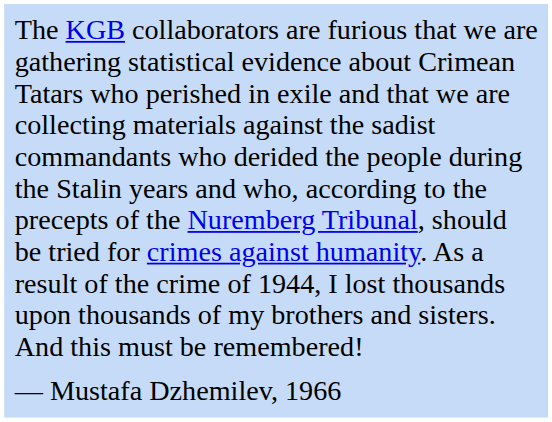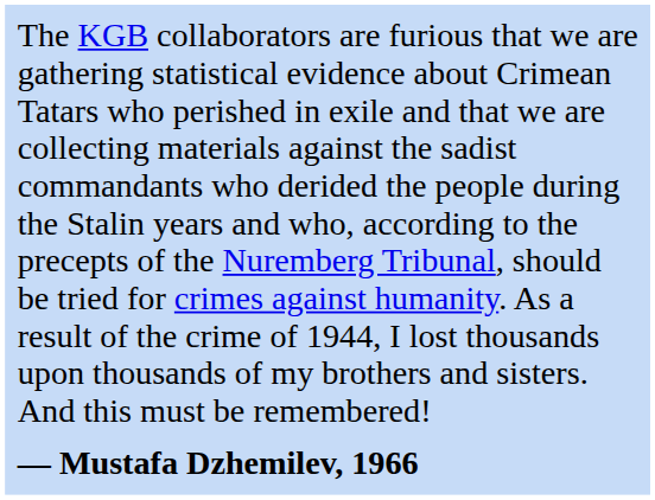 <table class="toccolours" style="float: left; margin-left: 1em; margin-right: 2em; font-size: 100%; background:#c6dbf7; color:black; width:25em; max-width: 35%;" cellspacing="5">
 <tr>
 <td style="text-align: left;">The <a href='#'>KGB</a> collaborators are furious that we are gathering statistical evidence about Crimean Tatars who perished in exile and that we are collecting materials against the sadist commandants who derided the people during the Stalin years and who, according to the precepts of the <a href='#'>Nuremberg Tribunal</a>, should be tried for <a href='#'>crimes against humanity</a>. As a result of the crime of 1944, I lost thousands upon thousands of my brothers and sisters. And this must be remembered!</td>
 </tr>
 <tr>
-<td style="text-align: left;">— Mustafa Dzhemilev, 1966</td>
+<td style="text-align: left;"><strong>— Mustafa Dzhemilev, 1966</strong></td>
 </tr>
 </table>
